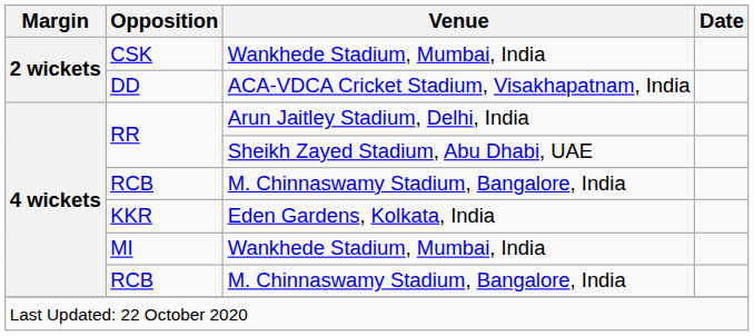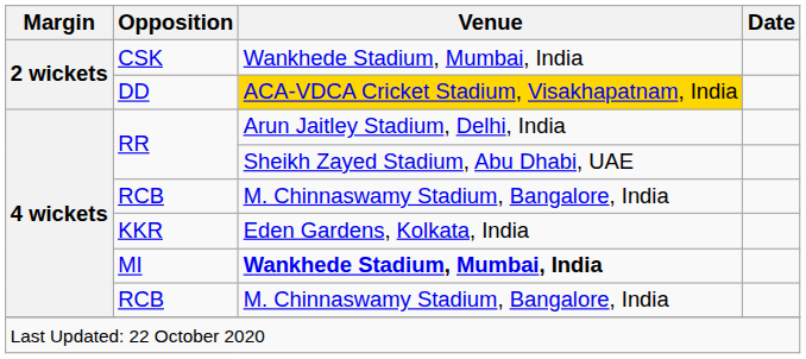 <table class="wikitable">
 <tr>
 <th>Margin</th>
 <th>Opposition</th>
 <th>Venue</th>
 <th>Date</th>
 </tr>
 <tr>
 <th rowspan=2>2 wickets</th>
 <td><a href='#'>CSK</a></td>
 <td><a href='#'>Wankhede Stadium</a>, <a href='#'>Mumbai</a>, India</td>
 <td></td>
 </tr>
 <tr>
 <td><a href='#'>DD</a></td>
-<td><a href='#'>ACA-VDCA Cricket Stadium</a>, <a href='#'>Visakhapatnam</a>, India</td>
+<td style="background: gold;"><a href='#'>ACA-VDCA Cricket Stadium</a>, <a href='#'>Visakhapatnam</a>, India</td>
 <td></td>
 </tr>
 <tr>
 <th rowspan=6>4 wickets</th>
 <td rowspan=2><a href='#'>RR</a></td>
 <td><a href='#'>Arun Jaitley Stadium</a>, <a href='#'>Delhi</a>, India</td>
 <td></td>
 </tr>
 <tr>
 <td><a href='#'>Sheikh Zayed Stadium</a>, <a href='#'>Abu Dhabi</a>, UAE</td>
 <td></td>
 </tr>
 <tr>
 <td><a href='#'>RCB</a></td>
 <td><a href='#'>M. Chinnaswamy Stadium</a>, <a href='#'>Bangalore</a>, India</td>
 <td></td>
 </tr>
 <tr>
 <td><a href='#'>KKR</a></td>
 <td><a href='#'>Eden Gardens</a>, <a href='#'>Kolkata</a>, India</td>
 <td></td>
 </tr>
 <tr>
 <td><a href='#'>MI</a></td>
-<td><a href='#'>Wankhede Stadium</a>, <a href='#'>Mumbai</a>, India</td>
+<td><strong><a href='#'>Wankhede Stadium</a>, <a href='#'>Mumbai</a>, India</strong></td>
 <td></td>
 </tr>
 <tr>
 <td><a href='#'>RCB</a></td>
 <td><a href='#'>M. Chinnaswamy Stadium</a>, <a href='#'>Bangalore</a>, India</td>
 <td></td>
 </tr>
 <tr>
 </tr>
 <tr class=sortbottom>
 <td colspan=5><small>Last Updated: 22 October 2020</small></td>
 </tr>
 </table>
